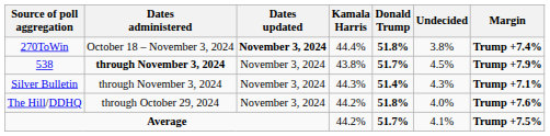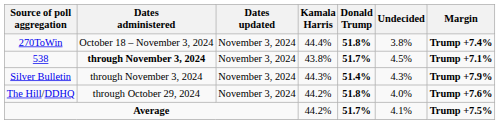 <table class="wikitable sortable" style="text-align:center;font-size:90%;line-height:17px">
 <tr>
 <th>Source of poll<br>aggregation</th>
 <th>Dates<br>administered</th>
 <th>Dates<br>updated</th>
 <th class="unsortable">Kamala<br>Harris<br><small></small></th>
 <th class="unsortable">Donald<br>Trump<br><small></small></th>
 <th>Undecided<br></th>
 <th>Margin</th>
 </tr>
 <tr>
 <td><a href='#'>270ToWin</a></td>
 <td>October 18 – November 3, 2024</td>
-<td><strong>November 3, 2024</strong></td>
+<td>November 3, 2024</td>
 <td>44.4%</td>
 <td style="background-color:"><strong>51.8%</strong></td>
 <td>3.8%</td>
 <td style="background-color:"><strong>Trump +7.4%</strong></td>
 </tr>
 <tr>
 <td><a href='#'>538</a></td>
 <td><strong>through November 3, 2024</strong></td>
 <td>November 3, 2024</td>
 <td>43.8%</td>
 <td style="background-color:"><strong>51.7%</strong></td>
 <td>4.5%</td>
-<td style="background-color:"><strong>Trump +7.9%</strong></td>
+<td style="background-color:"><strong>Trump +7.1%</strong></td>
 </tr>
 <tr>
 <td><a href='#'>Silver Bulletin</a></td>
 <td>through November 3, 2024</td>
 <td>November 3, 2024</td>
 <td>44.3%</td>
 <td style="background-color:"><strong>51.4%</strong></td>
 <td>4.3%</td>
-<td style="background-color:"><strong>Trump +7.1%</strong></td>
+<td style="background-color:"><strong>Trump +7.9%</strong></td>
 </tr>
 <tr>
 <td><a href='#'>The Hill</a>/<a href='#'>DDHQ</a></td>
 <td>through October 29, 2024</td>
 <td>November 3, 2024</td>
 <td>44.2%</td>
 <td style="background-color:"><strong>51.8%</strong></td>
 <td>4.0%</td>
 <td style="background-color:"><strong>Trump +7.6%</strong></td>
 </tr>
 <tr>
 <td colspan="3"><strong>Average</strong></td>
 <td>44.2%</td>
 <td style="background-color:"><strong>51.7%</strong></td>
 <td>4.1%</td>
 <td style="background-color:"><strong>Trump +7.5%</strong></td>
 </tr>
 </table>
